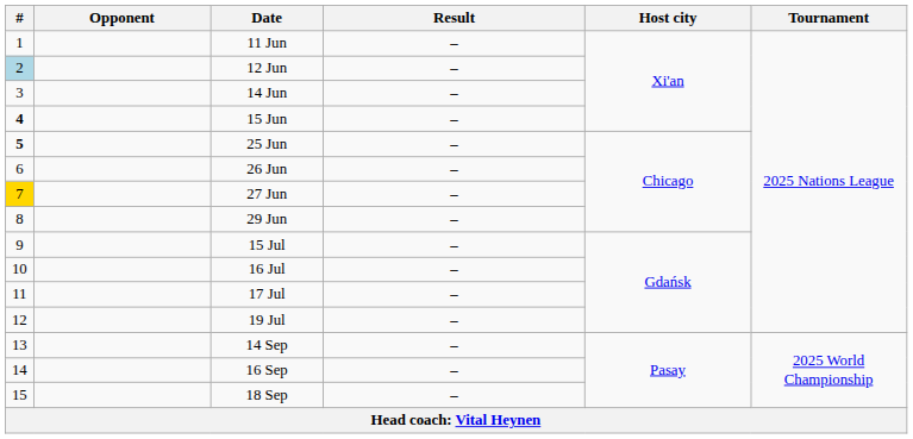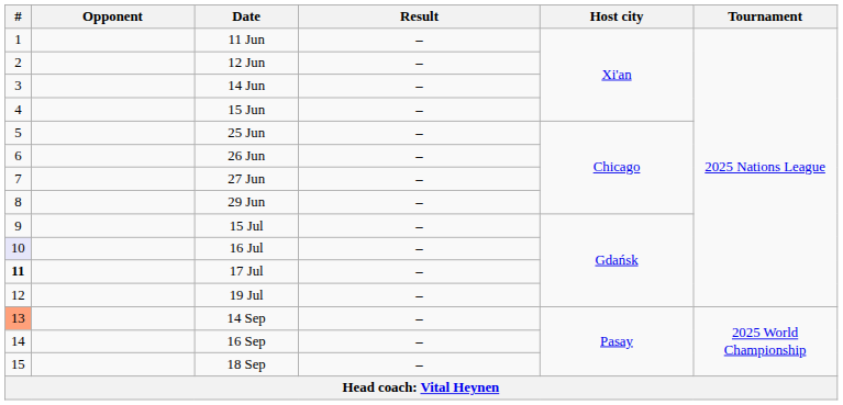 <table class="wikitable" style="text-align: center;font-size:90%;">
 <tr>
 <th width=20>#</th>
 <th width=160>Opponent</th>
 <th width=100>Date</th>
 <th width=240>Result</th>
 <th width=150>Host city</th>
 <th width=140>Tournament</th>
 </tr>
 <tr>
 <td>1</td>
 <td align=left></td>
 <td>11 Jun</td>
 <td bgcolor=><strong>–</strong></td>
 <td rowspan=4> <a href='#'>Xi'an</a></td>
 <td rowspan=12><a href='#'>2025 Nations League</a></td>
 </tr>
 <tr>
-<td style="background: lightblue;">2</td>
+<td>2</td>
 <td align=left></td>
 <td>12 Jun</td>
 <td bgcolor=><strong>–</strong></td>
 </tr>
 <tr>
 <td>3</td>
 <td align=left></td>
 <td>14 Jun</td>
 <td bgcolor=><strong>–</strong></td>
 </tr>
 <tr>
-<td><strong>4</strong></td>
+<td>4</td>
 <td align=left></td>
 <td>15 Jun</td>
 <td bgcolor=><strong>–</strong></td>
 </tr>
 <tr>
-<td><strong>5</strong></td>
+<td>5</td>
 <td align=left></td>
 <td>25 Jun</td>
 <td bgcolor=><strong>–</strong></td>
 <td rowspan=4> <a href='#'>Chicago</a></td>
 </tr>
 <tr>
 <td>6</td>
 <td align=left></td>
 <td>26 Jun</td>
 <td bgcolor=><strong>–</strong></td>
 </tr>
 <tr>
-<td style="background: gold;">7</td>
+<td>7</td>
 <td align=left></td>
 <td>27 Jun</td>
 <td bgcolor=><strong>–</strong></td>
 </tr>
 <tr>
 <td>8</td>
 <td align=left></td>
 <td>29 Jun</td>
 <td bgcolor=><strong>–</strong></td>
 </tr>
 <tr>
 <td>9</td>
 <td align=left></td>
 <td>15 Jul</td>
 <td bgcolor=><strong>–</strong></td>
 <td rowspan=4> <a href='#'>Gdańsk</a></td>
 </tr>
 <tr>
-<td>10</td>
+<td style="background: lavender;">10</td>
 <td align=left></td>
 <td>16 Jul</td>
 <td bgcolor=><strong>–</strong></td>
 </tr>
 <tr>
-<td>11</td>
+<td><strong>11</strong></td>
 <td align=left></td>
 <td>17 Jul</td>
 <td bgcolor=><strong>–</strong></td>
 </tr>
 <tr>
 <td>12</td>
 <td align=left></td>
 <td>19 Jul</td>
 <td bgcolor=><strong>–</strong></td>
 </tr>
 <tr>
-<td>13</td>
+<td style="background: lightsalmon;">13</td>
 <td align=left></td>
 <td>14 Sep</td>
 <td bgcolor=><strong>–</strong></td>
 <td rowspan=3> <a href='#'>Pasay</a></td>
 <td rowspan=3><a href='#'>2025 World Championship</a></td>
 </tr>
 <tr>
 <td>14</td>
 <td align=left></td>
 <td>16 Sep</td>
 <td bgcolor=><strong>–</strong></td>
 </tr>
 <tr>
 <td>15</td>
 <td align=left></td>
 <td>18 Sep</td>
 <td bgcolor=><strong>–</strong></td>
 </tr>
 <tr>
 <th colspan=6>Head coach:  <a href='#'>Vital Heynen</a></th>
 </tr>
 </table>
